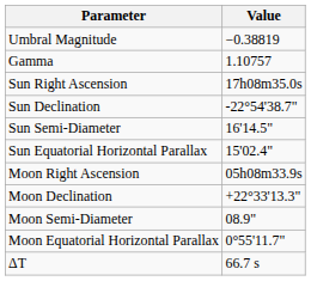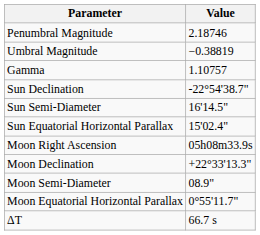 <table class="wikitable">
 <tr>
 <th>Parameter</th>
 <th>Value</th>
+</tr>
+<tr>
+<td>Penumbral Magnitude</td>
+<td>2.18746</td>
 </tr>
 <tr>
 <td>Umbral Magnitude</td>
 <td>−0.38819</td>
 </tr>
 <tr>
 <td>Gamma</td>
 <td>1.10757</td>
-</tr>
-<tr>
-<td>Sun Right Ascension</td>
-<td>17h08m35.0s</td>
 </tr>
 <tr>
 <td>Sun Declination</td>
 <td>-22°54'38.7"</td>
 </tr>
 <tr>
 <td>Sun Semi-Diameter</td>
 <td>16'14.5"</td>
 </tr>
 <tr>
 <td>Sun Equatorial Horizontal Parallax</td>
 <td>15'02.4"</td>
 </tr>
 <tr>
 <td>Moon Right Ascension</td>
 <td>05h08m33.9s</td>
 </tr>
 <tr>
 <td>Moon Declination</td>
 <td>+22°33'13.3"</td>
 </tr>
 <tr>
 <td>Moon Semi-Diameter</td>
 <td>08.9"</td>
 </tr>
 <tr>
 <td>Moon Equatorial Horizontal Parallax</td>
 <td>0°55'11.7"</td>
 </tr>
 <tr>
 <td>ΔT</td>
 <td>66.7 s</td>
 </tr>
 </table>
